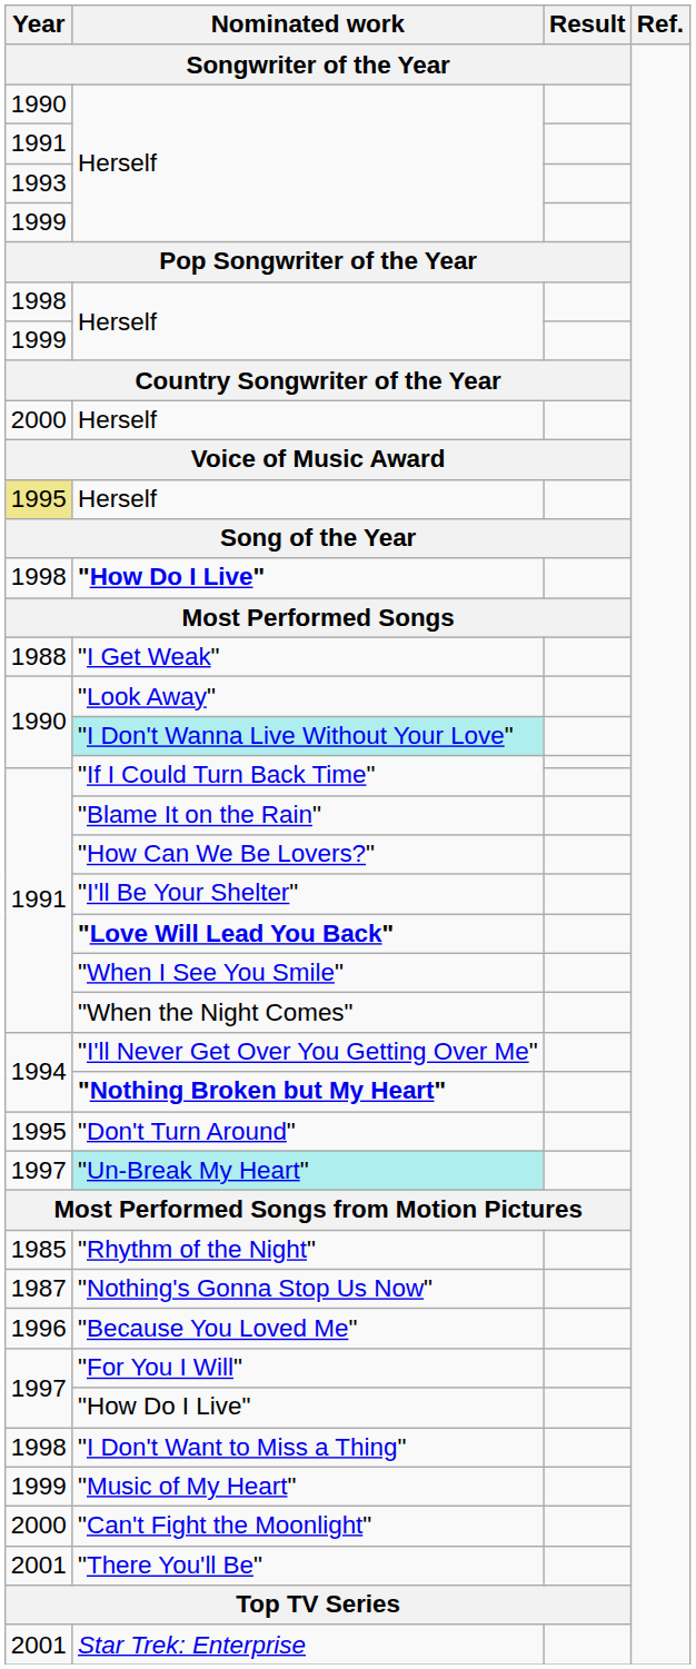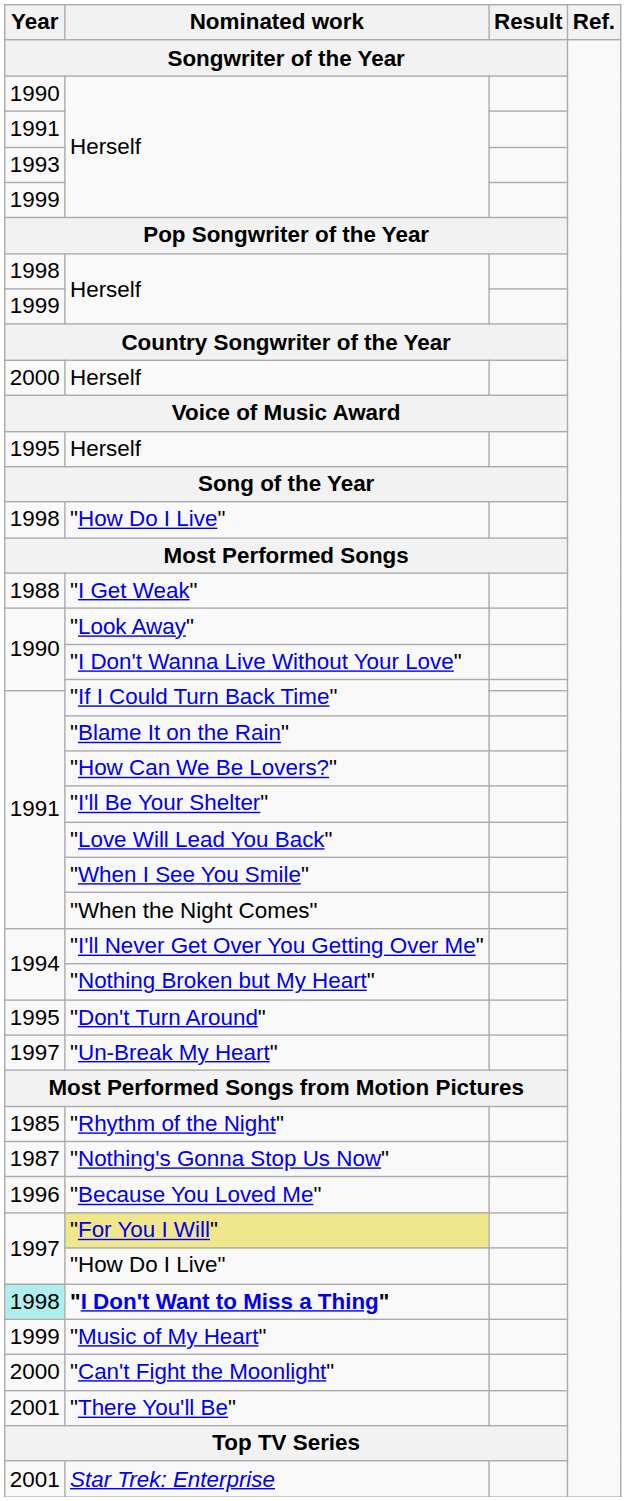 <table class="wikitable">
 <tr>
 <th>Year</th>
 <th>Nominated work</th>
 <th>Result</th>
 <th>Ref.</th>
 </tr>
 <tr>
 <th colspan="3">Songwriter of the Year</th>
 <td align="center" rowspan="42"> <br>  <br>  <br>  <br>  <br>  <br>  <br>  <br>  <br>  <br>  <br>  <br> </td>
 </tr>
 <tr>
 <td>1990</td>
 <td rowspan="4">Herself</td>
 <td></td>
 </tr>
 <tr>
 <td>1991</td>
 <td></td>
 </tr>
 <tr>
 <td>1993</td>
 <td></td>
 </tr>
 <tr>
 <td>1999</td>
 <td></td>
 </tr>
 <tr>
 <th colspan="3">Pop Songwriter of the Year</th>
 </tr>
 <tr>
 <td>1998</td>
 <td rowspan="2">Herself</td>
 <td></td>
 </tr>
 <tr>
 <td>1999</td>
 <td></td>
 </tr>
 <tr>
 <th colspan="3">Country Songwriter of the Year</th>
 </tr>
 <tr>
 <td>2000</td>
 <td>Herself</td>
 <td></td>
 </tr>
 <tr>
 <th colspan="3">Voice of Music Award</th>
 </tr>
 <tr>
-<td style="background: khaki;">1995</td>
+<td>1995</td>
 <td>Herself</td>
 <td></td>
 </tr>
 <tr>
 <th colspan="3">Song of the Year</th>
 </tr>
 <tr>
 <td>1998</td>
-<td><strong>"<a href='#'>How Do I Live</a>"</strong></td>
+<td>"<a href='#'>How Do I Live</a>"</td>
 <td></td>
 </tr>
 <tr>
 <th colspan="3">Most Performed Songs</th>
 </tr>
 <tr>
 <td>1988</td>
 <td>"<a href='#'>I Get Weak</a>"</td>
 <td></td>
 </tr>
 <tr>
 <td rowspan="3">1990</td>
 <td>"<a href='#'>Look Away</a>"</td>
 <td></td>
 </tr>
 <tr>
-<td style="background: paleturquoise;">"<a href='#'>I Don't Wanna Live Without Your Love</a>"</td>
+<td>"<a href='#'>I Don't Wanna Live Without Your Love</a>"</td>
 <td></td>
 </tr>
 <tr>
 <td rowspan="2">"<a href='#'>If I Could Turn Back Time</a>"</td>
 <td></td>
 </tr>
 <tr>
 <td rowspan="7">1991</td>
 <td></td>
 </tr>
 <tr>
 <td>"<a href='#'>Blame It on the Rain</a>"</td>
 <td></td>
 </tr>
 <tr>
 <td>"<a href='#'>How Can We Be Lovers?</a>"</td>
 <td></td>
 </tr>
 <tr>
 <td>"<a href='#'>I'll Be Your Shelter</a>"</td>
 <td></td>
 </tr>
 <tr>
-<td><strong>"<a href='#'>Love Will Lead You Back</a>"</strong></td>
+<td>"<a href='#'>Love Will Lead You Back</a>"</td>
 <td></td>
 </tr>
 <tr>
 <td>"<a href='#'>When I See You Smile</a>"</td>
 <td></td>
 </tr>
 <tr>
 <td>"When the Night Comes"</td>
 <td></td>
 </tr>
 <tr>
 <td rowspan="2">1994</td>
 <td>"<a href='#'>I'll Never Get Over You Getting Over Me</a>"</td>
 <td></td>
 </tr>
 <tr>
-<td><strong>"<a href='#'>Nothing Broken but My Heart</a>"</strong></td>
+<td>"<a href='#'>Nothing Broken but My Heart</a>"</td>
 <td></td>
 </tr>
 <tr>
 <td>1995</td>
 <td>"<a href='#'>Don't Turn Around</a>"</td>
 <td></td>
 </tr>
 <tr>
 <td>1997</td>
-<td style="background: paleturquoise;">"<a href='#'>Un-Break My Heart</a>"</td>
+<td>"<a href='#'>Un-Break My Heart</a>"</td>
 <td></td>
 </tr>
 <tr>
 <th colspan="3">Most Performed Songs from Motion Pictures</th>
 </tr>
 <tr>
 <td>1985</td>
 <td>"<a href='#'>Rhythm of the Night</a>" </td>
 <td></td>
 </tr>
 <tr>
 <td>1987</td>
 <td>"<a href='#'>Nothing's Gonna Stop Us Now</a>" </td>
 <td></td>
 </tr>
 <tr>
 <td>1996</td>
 <td>"<a href='#'>Because You Loved Me</a>" </td>
 <td></td>
 </tr>
 <tr>
 <td rowspan="2">1997</td>
-<td>"<a href='#'>For You I Will</a>" </td>
+<td style="background: khaki;">"<a href='#'>For You I Will</a>" </td>
 <td></td>
 </tr>
 <tr>
 <td>"How Do I Live" </td>
 <td></td>
 </tr>
 <tr>
-<td>1998</td>
-<td>"<a href='#'>I Don't Want to Miss a Thing</a>" </td>
+<td style="background: paleturquoise;">1998</td>
+<td><strong>"<a href='#'>I Don't Want to Miss a Thing</a>" </strong></td>
 <td></td>
 </tr>
 <tr>
 <td>1999</td>
 <td>"<a href='#'>Music of My Heart</a>" </td>
 <td></td>
 </tr>
 <tr>
 <td>2000</td>
 <td>"<a href='#'>Can't Fight the Moonlight</a>" </td>
 <td></td>
 </tr>
 <tr>
 <td>2001</td>
 <td>"<a href='#'>There You'll Be</a>" </td>
 <td></td>
 </tr>
 <tr>
 <th colspan="3">Top TV Series</th>
 </tr>
 <tr>
 <td>2001</td>
 <td><em><a href='#'>Star Trek: Enterprise</a></em></td>
 <td></td>
 </tr>
 </table>
